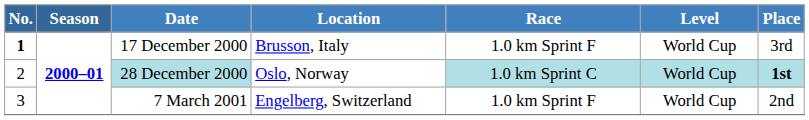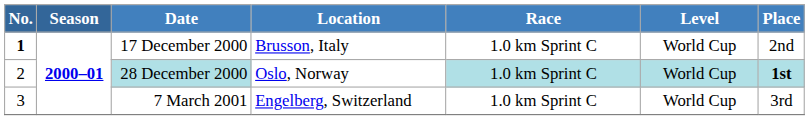 <table class="wikitable sortable" style="font-size:95%; text-align:center; border:grey solid 1px; border-collapse:collapse; background:#ffffff;">
 <tr style="background:#efefef;">
 <th style="background-color:#369; color:white;">No.</th>
 <th style="background-color:#369; color:white;">Season</th>
 <th style="background-color:#4180be; color:white; width:120px;">Date</th>
 <th style="background-color:#4180be; color:white; width:170px;">Location</th>
 <th style="background-color:#4180be; color:white; width:170px;">Race</th>
 <th style="background-color:#4180be; color:white; width:100px;">Level</th>
 <th style="background-color:#4180be; color:white;">Place</th>
 </tr>
 <tr>
 <td align=center><strong>1</strong></td>
 <td rowspan=3 align=center><strong> <a href='#'>2000–01</a> </strong></td>
 <td align=right>17 December 2000</td>
 <td align=left> <a href='#'>Brusson</a>, Italy</td>
-<td>1.0 km Sprint F</td>
+<td>1.0 km Sprint C</td>
 <td>World Cup</td>
-<td>3rd</td>
+<td>2nd</td>
 </tr>
 <tr>
 <td align=center>2</td>
 <td bgcolor="#BOEOE6" align=right>28 December 2000</td>
 <td align=left> <a href='#'>Oslo</a>, Norway</td>
 <td bgcolor="#BOEOE6">1.0 km Sprint C</td>
 <td bgcolor="#BOEOE6">World Cup</td>
 <td bgcolor="#BOEOE6"><strong>1st</strong></td>
 </tr>
 <tr>
 <td align=center>3</td>
 <td align=right>7 March 2001</td>
 <td align=left>  <a href='#'>Engelberg</a>, Switzerland</td>
-<td>1.0 km Sprint F</td>
+<td>1.0 km Sprint C</td>
 <td>World Cup</td>
-<td>2nd</td>
+<td>3rd</td>
 </tr>
 <tr>
 </tr>
 </table>
